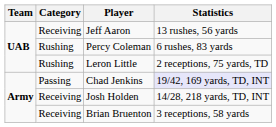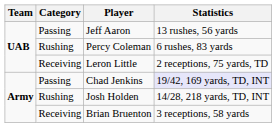 <table class="wikitable" style="float: right;">
 <tr>
 <th>Team</th>
 <th>Category</th>
 <th>Player</th>
 <th>Statistics</th>
 </tr>
 <tr>
 <td rowspan=3><strong>UAB</strong></td>
-<td>Receiving</td>
+<td>Passing</td>
 <td>Jeff Aaron</td>
 <td>13 rushes, 56 yards</td>
 </tr>
 <tr>
 <td>Rushing</td>
 <td>Percy Coleman</td>
 <td>6 rushes, 83 yards</td>
 </tr>
 <tr>
-<td>Rushing</td>
+<td>Receiving</td>
 <td>Leron Little</td>
 <td>2 receptions, 75 yards, TD</td>
 </tr>
 <tr>
 <td rowspan=3><strong>Army</strong></td>
 <td>Passing</td>
 <td>Chad Jenkins</td>
 <td style="background: lavender;">19/42, 169 yards, TD, INT</td>
 </tr>
 <tr>
-<td>Receiving</td>
+<td>Rushing</td>
 <td>Josh Holden</td>
 <td>14/28, 218 yards, TD, INT</td>
 </tr>
 <tr>
 <td>Receiving</td>
 <td>Brian Bruenton</td>
 <td>3 receptions, 58 yards</td>
 </tr>
 </table>
